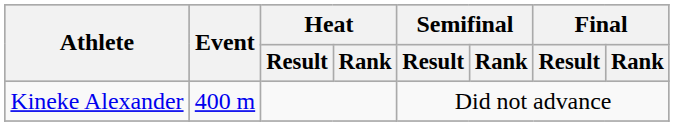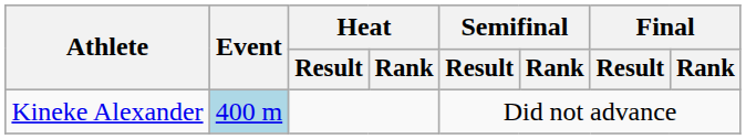 <table class="wikitable" style="font-size:90%">
 <tr>
 <th rowspan="2">Athlete</th>
 <th rowspan="2">Event</th>
 <th colspan="2">Heat</th>
 <th colspan="2">Semifinal</th>
 <th colspan="2">Final</th>
 </tr>
 <tr style="font-size:95%">
 <th>Result</th>
 <th>Rank</th>
 <th>Result</th>
 <th>Rank</th>
 <th>Result</th>
 <th>Rank</th>
 </tr>
 <tr align=center>
 <td align=left><a href='#'>Kineke Alexander</a></td>
-<td align=left><a href='#'>400 m</a></td>
+<td align=left style="background: lightblue;"><a href='#'>400 m</a></td>
 <td colspan=2></td>
 <td colspan=4>Did not advance</td>
 </tr>
 </table>
